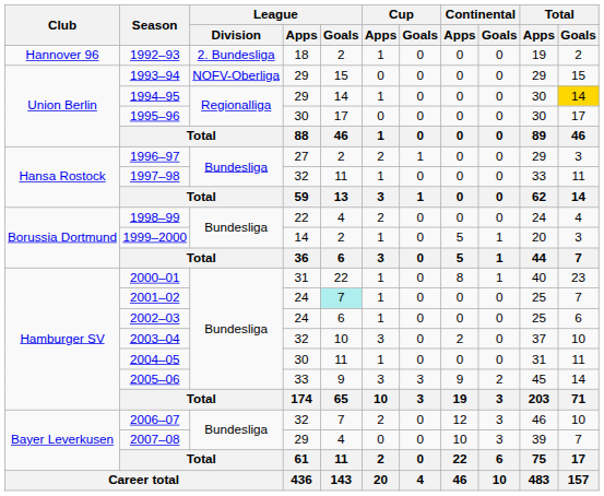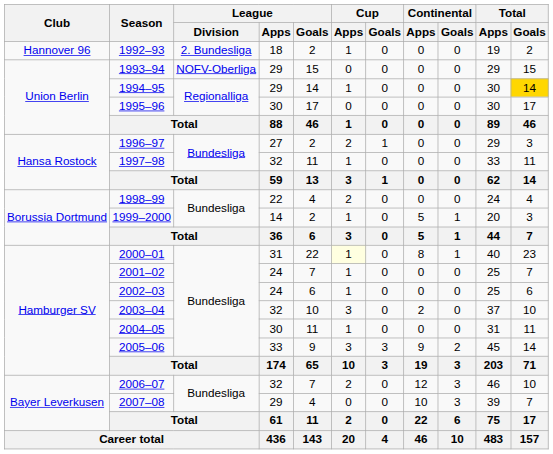 <table class="wikitable" style="text-align:center">
 <tr>
 <th rowspan="2">Club</th>
 <th rowspan="2">Season</th>
 <th colspan="3">League</th>
 <th colspan="2">Cup</th>
 <th colspan="2">Continental</th>
 <th colspan="2">Total</th>
 </tr>
 <tr>
 <th>Division</th>
 <th>Apps</th>
 <th>Goals</th>
 <th>Apps</th>
 <th>Goals</th>
 <th>Apps</th>
 <th>Goals</th>
 <th>Apps</th>
 <th>Goals</th>
 </tr>
 <tr>
 <td><a href='#'>Hannover 96</a></td>
 <td><a href='#'>1992–93</a></td>
 <td><a href='#'>2. Bundesliga</a></td>
 <td>18</td>
 <td>2</td>
 <td>1</td>
 <td>0</td>
 <td>0</td>
 <td>0</td>
 <td>19</td>
 <td>2</td>
 </tr>
 <tr>
 <td rowspan="4"><a href='#'>Union Berlin</a></td>
 <td><a href='#'>1993–94</a></td>
 <td><a href='#'>NOFV-Oberliga</a></td>
 <td>29</td>
 <td>15</td>
 <td>0</td>
 <td>0</td>
 <td>0</td>
 <td>0</td>
 <td>29</td>
 <td>15</td>
 </tr>
 <tr>
 <td><a href='#'>1994–95</a></td>
 <td rowspan="2"><a href='#'>Regionalliga</a></td>
 <td>29</td>
 <td>14</td>
 <td>1</td>
 <td>0</td>
 <td>0</td>
 <td>0</td>
 <td>30</td>
 <td style="background: gold;">14</td>
 </tr>
 <tr>
 <td><a href='#'>1995–96</a></td>
 <td>30</td>
 <td>17</td>
 <td>0</td>
 <td>0</td>
 <td>0</td>
 <td>0</td>
 <td>30</td>
 <td>17</td>
 </tr>
 <tr>
 <th colspan="2">Total</th>
 <th>88</th>
 <th>46</th>
 <th>1</th>
 <th>0</th>
 <th>0</th>
 <th>0</th>
 <th>89</th>
 <th>46</th>
 </tr>
 <tr>
 <td rowspan="3"><a href='#'>Hansa Rostock</a></td>
 <td><a href='#'>1996–97</a></td>
 <td rowspan="2"><a href='#'>Bundesliga</a></td>
 <td>27</td>
 <td>2</td>
 <td>2</td>
 <td>1</td>
 <td>0</td>
 <td>0</td>
 <td>29</td>
 <td>3</td>
 </tr>
 <tr>
 <td><a href='#'>1997–98</a></td>
 <td>32</td>
 <td>11</td>
 <td>1</td>
 <td>0</td>
 <td>0</td>
 <td>0</td>
 <td>33</td>
 <td>11</td>
 </tr>
 <tr>
 <th colspan="2">Total</th>
 <th>59</th>
 <th>13</th>
 <th>3</th>
 <th>1</th>
 <th>0</th>
 <th>0</th>
 <th>62</th>
 <th>14</th>
 </tr>
 <tr>
 <td rowspan="3"><a href='#'>Borussia Dortmund</a></td>
 <td><a href='#'>1998–99</a></td>
 <td rowspan="2">Bundesliga</td>
 <td>22</td>
 <td>4</td>
 <td>2</td>
 <td>0</td>
 <td>0</td>
 <td>0</td>
 <td>24</td>
 <td>4</td>
 </tr>
 <tr>
 <td><a href='#'>1999–2000</a></td>
 <td>14</td>
 <td>2</td>
 <td>1</td>
 <td>0</td>
 <td>5</td>
 <td>1</td>
 <td>20</td>
 <td>3</td>
 </tr>
 <tr>
 <th colspan="2">Total</th>
 <th>36</th>
 <th>6</th>
 <th>3</th>
 <th>0</th>
 <th>5</th>
 <th>1</th>
 <th>44</th>
 <th>7</th>
 </tr>
 <tr>
 <td rowspan="7"><a href='#'>Hamburger SV</a></td>
 <td><a href='#'>2000–01</a></td>
 <td rowspan="6">Bundesliga</td>
 <td>31</td>
 <td>22</td>
-<td>1</td>
+<td style="background: lightyellow;">1</td>
 <td>0</td>
 <td>8</td>
 <td>1</td>
 <td>40</td>
 <td>23</td>
 </tr>
 <tr>
 <td><a href='#'>2001–02</a></td>
 <td>24</td>
-<td style="background: paleturquoise;">7</td>
+<td>7</td>
 <td>1</td>
 <td>0</td>
 <td>0</td>
 <td>0</td>
 <td>25</td>
 <td>7</td>
 </tr>
 <tr>
 <td><a href='#'>2002–03</a></td>
 <td>24</td>
 <td>6</td>
 <td>1</td>
 <td>0</td>
 <td>0</td>
 <td>0</td>
 <td>25</td>
 <td>6</td>
 </tr>
 <tr>
 <td><a href='#'>2003–04</a></td>
 <td>32</td>
 <td>10</td>
 <td>3</td>
 <td>0</td>
 <td>2</td>
 <td>0</td>
 <td>37</td>
 <td>10</td>
 </tr>
 <tr>
 <td><a href='#'>2004–05</a></td>
 <td>30</td>
 <td>11</td>
 <td>1</td>
 <td>0</td>
 <td>0</td>
 <td>0</td>
 <td>31</td>
 <td>11</td>
 </tr>
 <tr>
 <td><a href='#'>2005–06</a></td>
 <td>33</td>
 <td>9</td>
 <td>3</td>
 <td>3</td>
 <td>9</td>
 <td>2</td>
 <td>45</td>
 <td>14</td>
 </tr>
 <tr>
 <th colspan="2">Total</th>
 <th>174</th>
 <th>65</th>
 <th>10</th>
 <th>3</th>
 <th>19</th>
 <th>3</th>
 <th>203</th>
 <th>71</th>
 </tr>
 <tr>
 <td rowspan="3"><a href='#'>Bayer Leverkusen</a></td>
 <td><a href='#'>2006–07</a></td>
 <td rowspan="2">Bundesliga</td>
 <td>32</td>
 <td>7</td>
 <td>2</td>
 <td>0</td>
 <td>12</td>
 <td>3</td>
 <td>46</td>
 <td>10</td>
 </tr>
 <tr>
 <td><a href='#'>2007–08</a></td>
 <td>29</td>
 <td>4</td>
 <td>0</td>
 <td>0</td>
 <td>10</td>
 <td>3</td>
 <td>39</td>
 <td>7</td>
 </tr>
 <tr>
 <th colspan="2">Total</th>
 <th>61</th>
 <th>11</th>
 <th>2</th>
 <th>0</th>
 <th>22</th>
 <th>6</th>
 <th>75</th>
 <th>17</th>
 </tr>
 <tr>
 <th colspan="3">Career total</th>
 <th>436</th>
 <th>143</th>
 <th>20</th>
 <th>4</th>
 <th>46</th>
 <th>10</th>
 <th>483</th>
 <th>157</th>
 </tr>
 </table>
